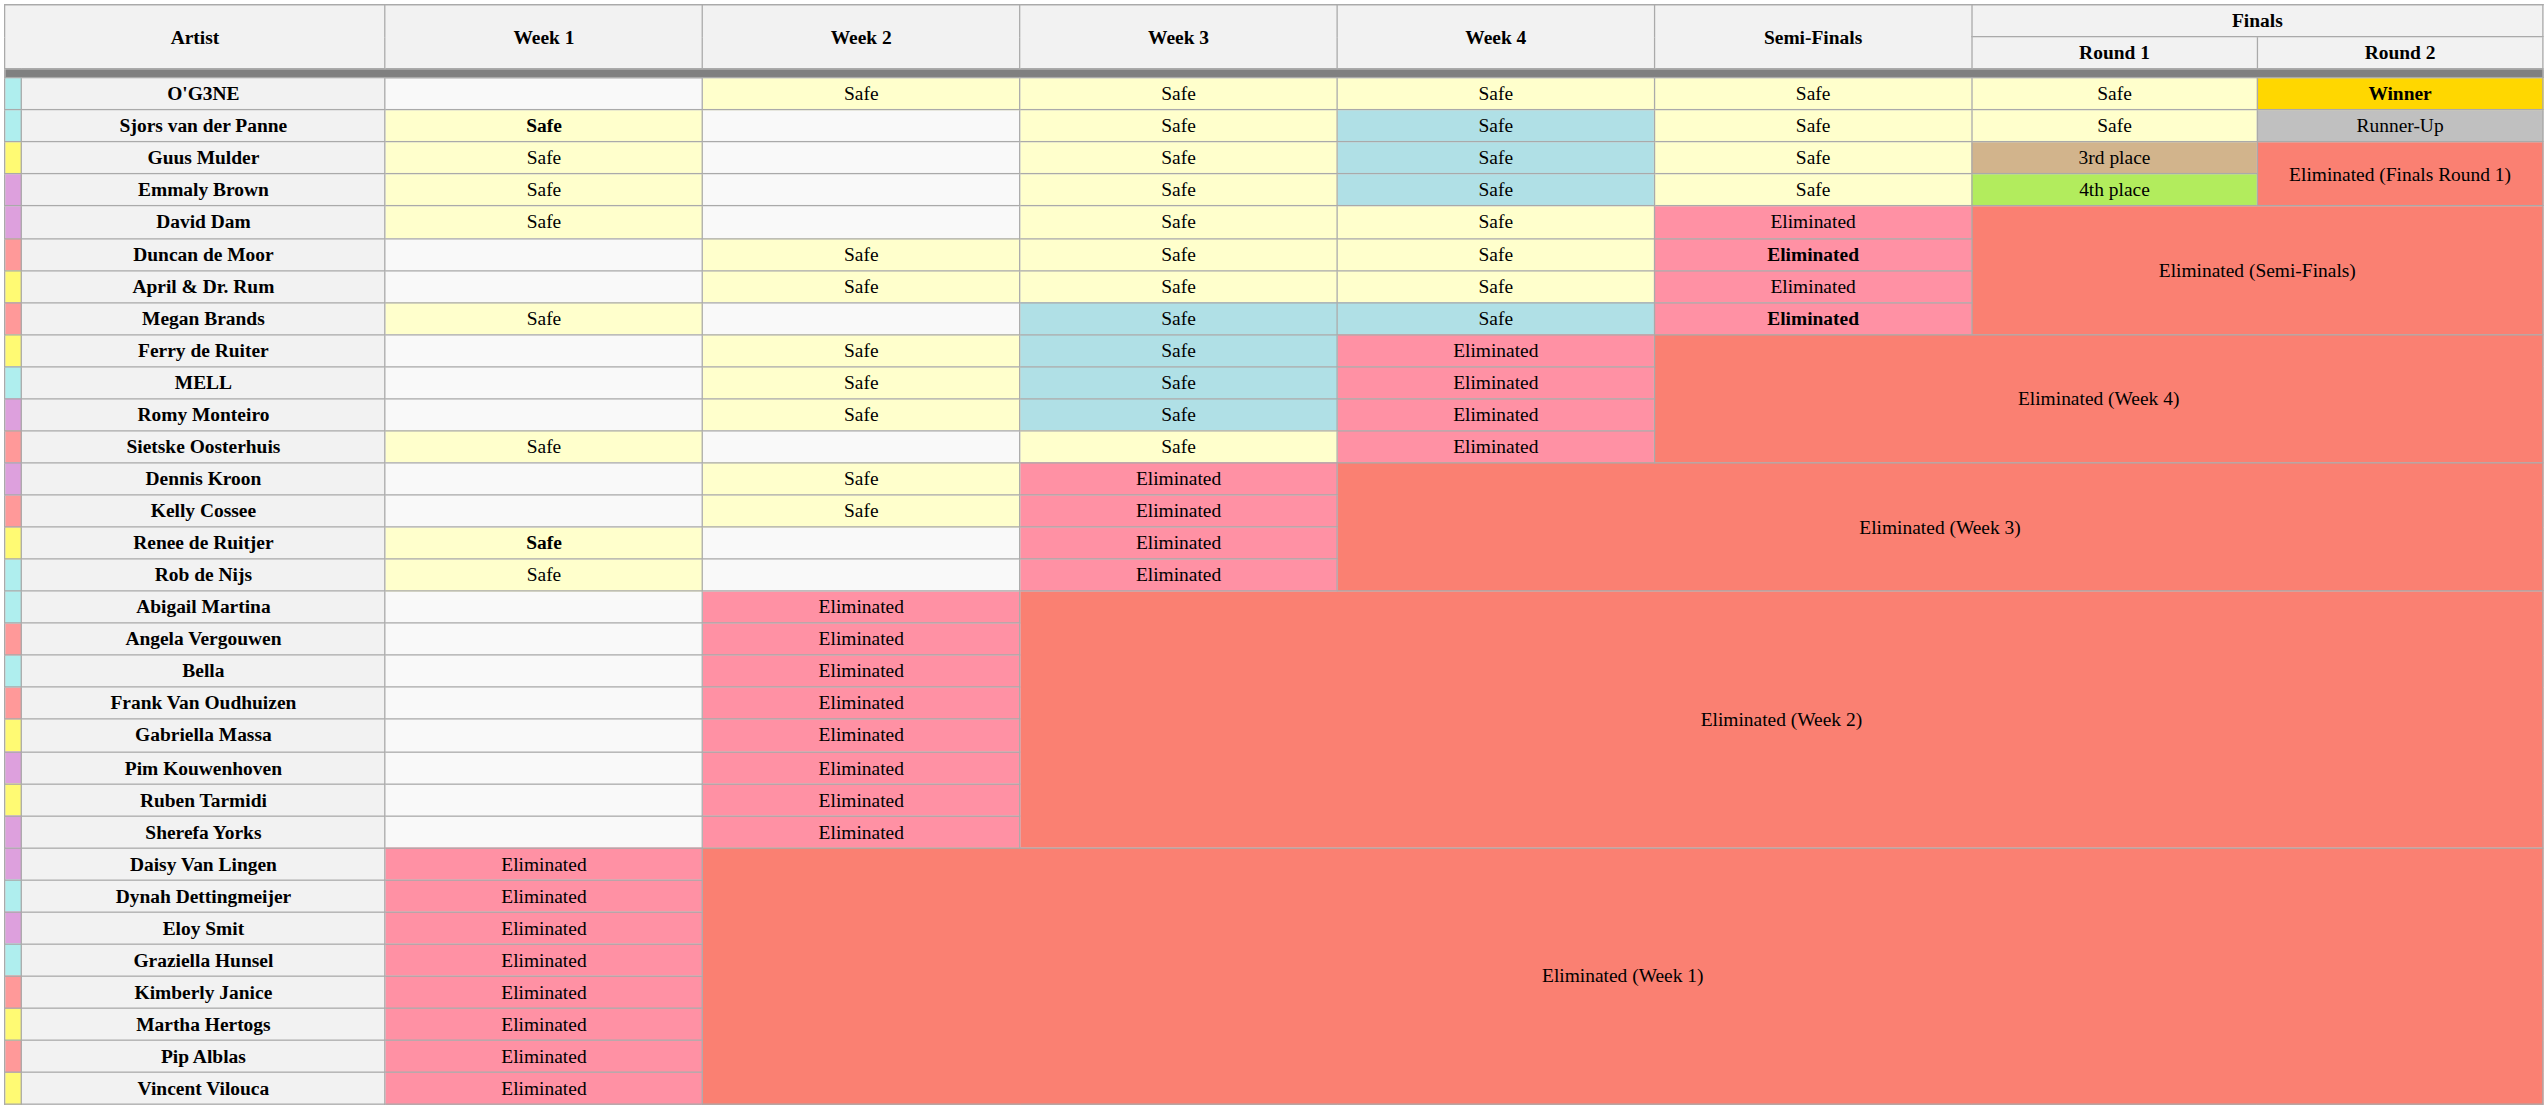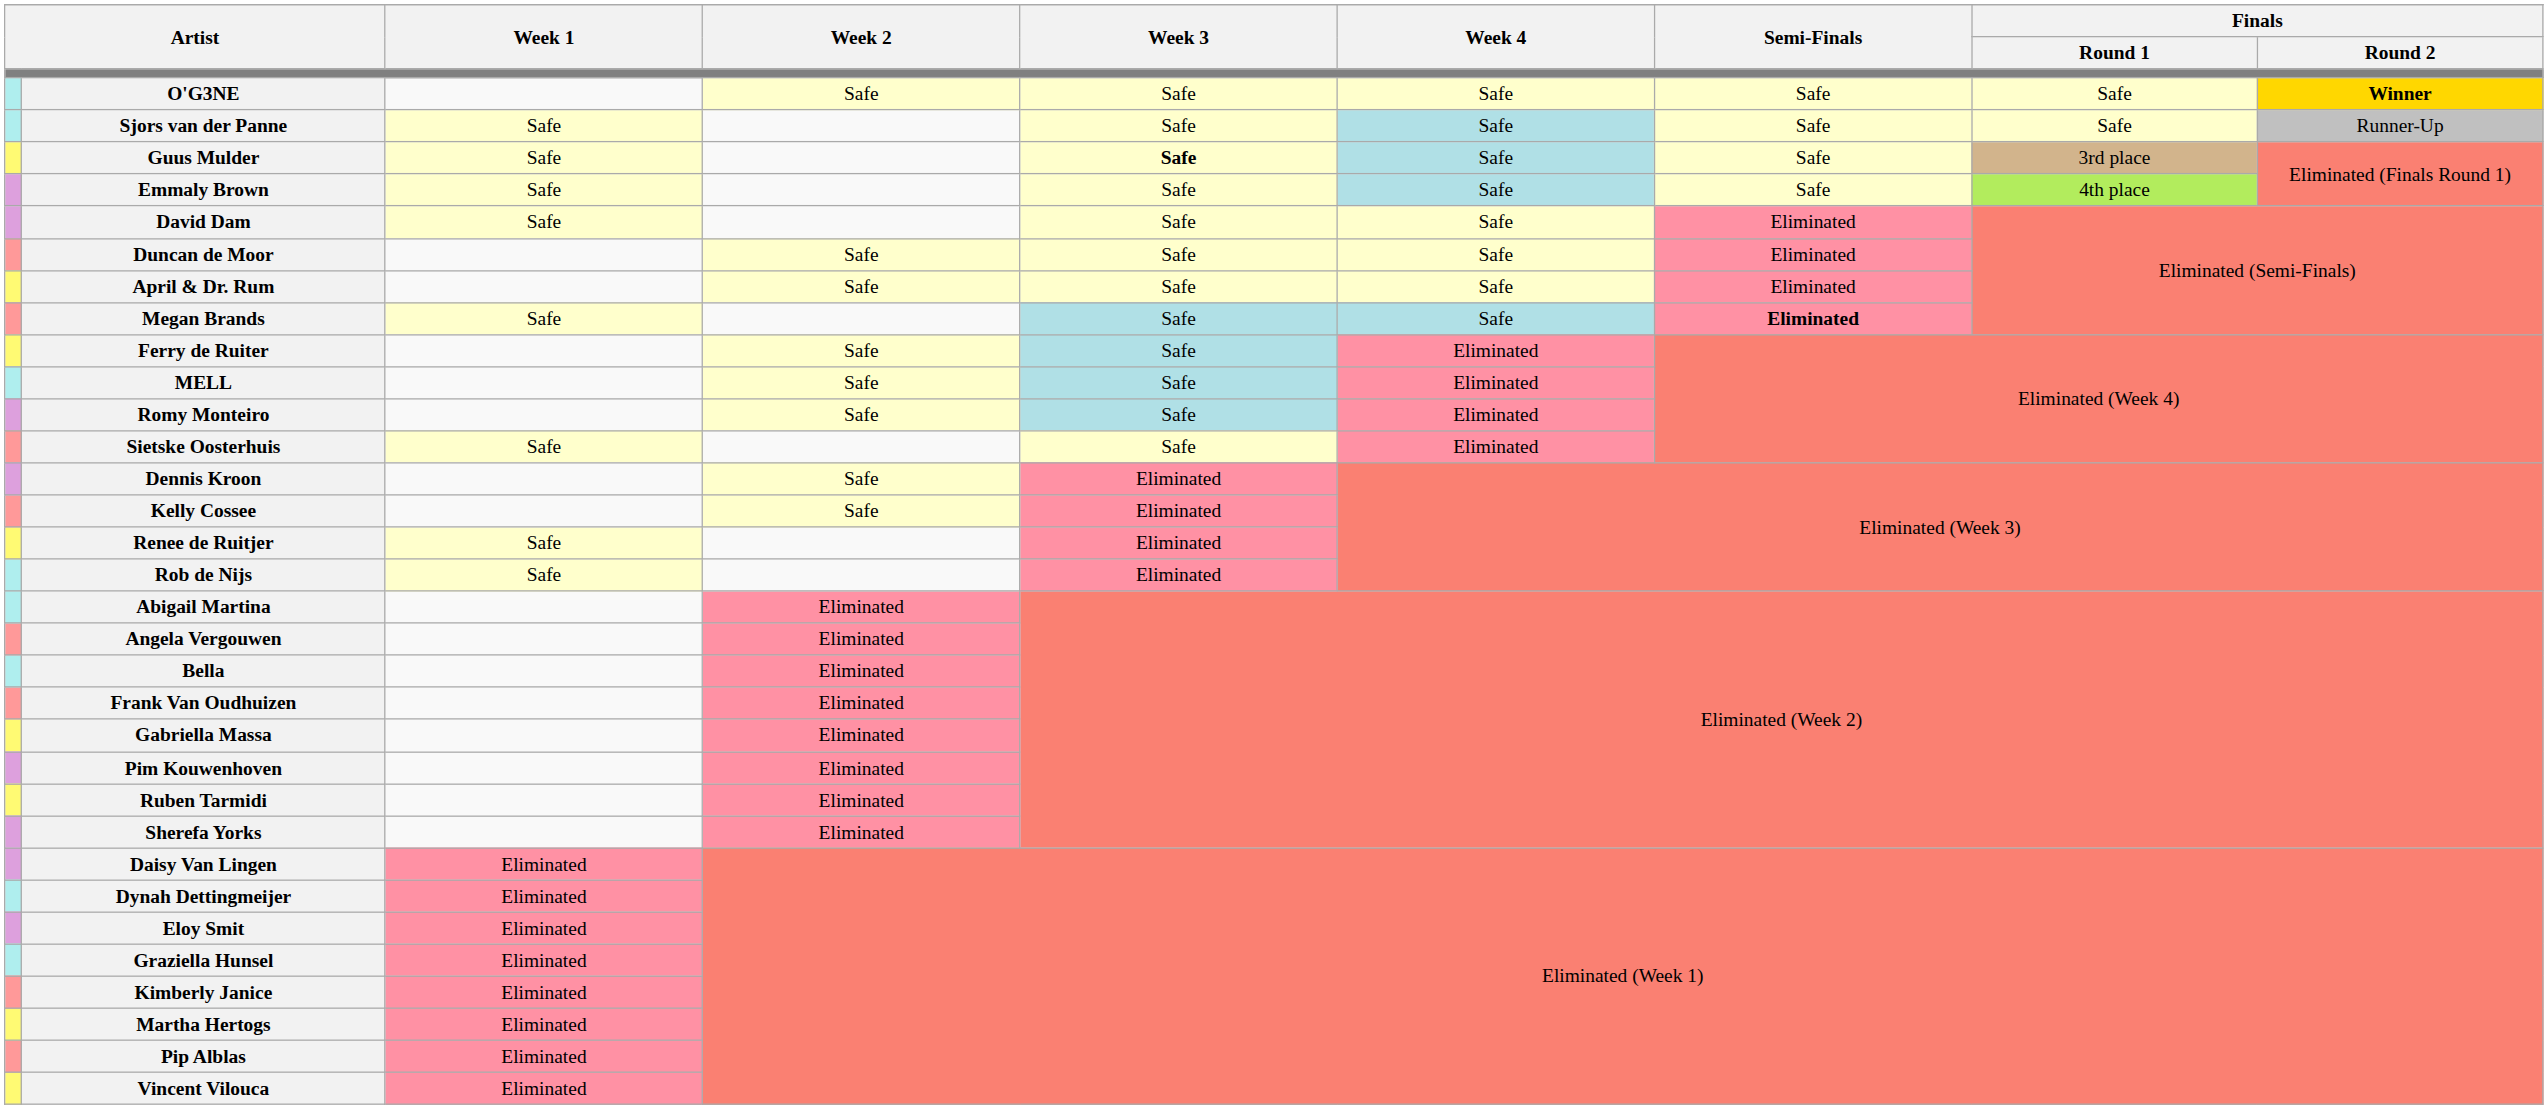 <table class="wikitable"  style="text-align:center; font-size:95%; width:100%;">
 <tr>
 </tr>
 <tr>
 <th style="width:12%;" rowspan="2" colspan="2">Artist</th>
 <th style="width:10%;" rowspan="2">Week 1</th>
 <th style="width:10%;" rowspan="2">Week 2</th>
 <th style="width:10%;" rowspan="2">Week 3</th>
 <th style="width:10%;" rowspan="2">Week 4</th>
 <th style="width:10%;" rowspan="2">Semi-Finals</th>
 <th style="width:18%;" colspan="2">Finals</th>
 </tr>
 <tr>
 <th style="width:9%">Round 1</th>
 <th style="width:9%">Round 2</th>
 </tr>
 <tr>
 <th colspan="9" style="background:gray;"></th>
 </tr>
 <tr>
 <th style="background:#afeeee;"></th>
 <th>O'G3NE</th>
 <td></td>
 <td style="background:#ffc;">Safe</td>
 <td style="background:#ffc;">Safe</td>
 <td style="background:#ffc;">Safe</td>
 <td style="background:#ffc;">Safe</td>
 <td style="background:#ffc;">Safe</td>
 <td style="background:gold;"><strong>Winner</strong></td>
 </tr>
 <tr>
 <th style="background:#afeeee;"></th>
 <th>Sjors van der Panne</th>
-<td style="background:#ffc;"><strong>Safe</strong></td>
+<td style="background:#ffc;">Safe</td>
 <td></td>
 <td style="background:#ffc;">Safe</td>
 <td style="background:#B0E0E6;">Safe</td>
 <td style="background:#ffc;">Safe</td>
 <td style="background:#ffc;">Safe</td>
 <td style="background:silver;">Runner-Up</td>
 </tr>
 <tr>
 <th style="background:#fffa73;"></th>
 <th>Guus Mulder</th>
 <td style="background:#ffc;">Safe</td>
 <td></td>
-<td style="background:#ffc;">Safe</td>
+<td style="background:#ffc;"><strong>Safe</strong></td>
 <td style="background:#B0E0E6;">Safe</td>
 <td style="background:#ffc;">Safe</td>
 <td style="background:tan;">3rd place</td>
 <td rowspan="2" colspan="6" style="background:salmon;">Eliminated (Finals Round 1)</td>
 </tr>
 <tr>
 <th style="background:#dda0dd;"></th>
 <th>Emmaly Brown</th>
 <td style="background:#ffc;">Safe</td>
 <td></td>
 <td style="background:#ffc;">Safe</td>
 <td style="background:#B0E0E6;">Safe</td>
 <td style="background:#ffc;">Safe</td>
 <td style="background:#b2ec5d;">4th place</td>
 </tr>
 <tr>
 <th style="background:#dda0dd;"></th>
 <th>David Dam</th>
 <td style="background:#ffc;">Safe</td>
 <td></td>
 <td style="background:#ffc;">Safe</td>
 <td style="background:#ffc;">Safe</td>
 <td style="background:#FF91A4;">Eliminated</td>
 <td rowspan="4" colspan="6" style="background:salmon;">Eliminated (Semi-Finals)</td>
 </tr>
 <tr>
 <th style="background:#ff9999;"></th>
 <th>Duncan de Moor</th>
 <td></td>
 <td style="background:#ffc;">Safe</td>
 <td style="background:#ffc;">Safe</td>
 <td style="background:#ffc;">Safe</td>
-<td style="background:#FF91A4;"><strong>Eliminated</strong></td>
+<td style="background:#FF91A4;">Eliminated</td>
 </tr>
 <tr>
 <th style="background:#fffa73;"></th>
 <th>April & Dr. Rum</th>
 <td></td>
 <td style="background:#ffc;">Safe</td>
 <td style="background:#ffc;">Safe</td>
 <td style="background:#ffc;">Safe</td>
 <td style="background:#FF91A4;">Eliminated</td>
 </tr>
 <tr>
 <th style="background:#ff9999;"></th>
 <th>Megan Brands</th>
 <td style="background:#ffc;">Safe</td>
 <td></td>
 <td style="background:#B0E0E6;">Safe</td>
 <td style="background:#B0E0E6;">Safe</td>
 <td style="background:#FF91A4;"><strong>Eliminated</strong></td>
 </tr>
 <tr>
 <th style="background:#fffa73;"></th>
 <th>Ferry de Ruiter</th>
 <td></td>
 <td style="background:#ffc;">Safe</td>
 <td style="background:#B0E0E6;">Safe</td>
 <td style="background:#FF91A4;">Eliminated</td>
 <td rowspan="4" colspan="6" style="background:salmon;">Eliminated (Week 4)</td>
 </tr>
 <tr>
 <th style="background:#afeeee;"></th>
 <th>MELL</th>
 <td></td>
 <td style="background:#ffc;">Safe</td>
 <td style="background:#B0E0E6;">Safe</td>
 <td style="background:#FF91A4;">Eliminated</td>
 </tr>
 <tr>
 <th style="background:#dda0dd;"></th>
 <th>Romy Monteiro</th>
 <td></td>
 <td style="background:#ffc;">Safe</td>
 <td style="background:#B0E0E6;">Safe</td>
 <td style="background:#FF91A4;">Eliminated</td>
 </tr>
 <tr>
 <th style="background:#ff9999;"></th>
 <th>Sietske Oosterhuis</th>
 <td style="background:#ffc;">Safe</td>
 <td></td>
 <td style="background:#ffc;">Safe</td>
 <td style="background:#FF91A4;">Eliminated</td>
 </tr>
 <tr>
 <th style="background:#dda0dd;"></th>
 <th>Dennis Kroon</th>
 <td></td>
 <td style="background:#ffc;">Safe</td>
 <td style="background:#FF91A4;">Eliminated</td>
 <td rowspan="4" colspan="6" style="background:salmon;">Eliminated (Week 3)</td>
 </tr>
 <tr>
 <th style="background:#ff9999;"></th>
 <th>Kelly Cossee</th>
 <td></td>
 <td style="background:#ffc;">Safe</td>
 <td style="background:#FF91A4;">Eliminated</td>
 </tr>
 <tr>
 <th style="background:#fffa73;"></th>
 <th>Renee de Ruitjer</th>
-<td style="background:#ffc;"><strong>Safe</strong></td>
+<td style="background:#ffc;">Safe</td>
 <td></td>
 <td style="background:#FF91A4;">Eliminated</td>
 </tr>
 <tr>
 <th style="background:#afeeee;"></th>
 <th>Rob de Nijs</th>
 <td style="background:#ffc;">Safe</td>
 <td></td>
 <td style="background:#FF91A4;">Eliminated</td>
 </tr>
 <tr>
 <th style="background:#afeeee;"></th>
 <th>Abigail Martina</th>
 <td></td>
 <td style="background:#FF91A4;">Eliminated</td>
 <td rowspan="8" colspan="6" style="background:salmon;">Eliminated (Week 2)</td>
 </tr>
 <tr>
 <th style="background:#ff9999;"></th>
 <th>Angela Vergouwen</th>
 <td></td>
 <td style="background:#FF91A4;">Eliminated</td>
 </tr>
 <tr>
 <th style="background:#afeeee;"></th>
 <th>Bella</th>
 <td></td>
 <td style="background:#FF91A4;">Eliminated</td>
 </tr>
 <tr>
 <th style="background:#ff9999;"></th>
 <th>Frank Van Oudhuizen</th>
 <td></td>
 <td style="background:#FF91A4;">Eliminated</td>
 </tr>
 <tr>
 <th style="background:#fffa73;"></th>
 <th>Gabriella Massa</th>
 <td></td>
 <td style="background:#FF91A4;">Eliminated</td>
 </tr>
 <tr>
 <th style="background:#dda0dd;"></th>
 <th>Pim Kouwenhoven</th>
 <td></td>
 <td style="background:#FF91A4;">Eliminated</td>
 </tr>
 <tr>
 <th style="background:#fffa73;"></th>
 <th>Ruben Tarmidi</th>
 <td></td>
 <td style="background:#FF91A4;">Eliminated</td>
 </tr>
 <tr>
 <th style="background:#dda0dd;"></th>
 <th>Sherefa Yorks</th>
 <td></td>
 <td style="background:#FF91A4;">Eliminated</td>
 </tr>
 <tr>
 <th style="background:#dda0dd;"></th>
 <th>Daisy Van Lingen</th>
 <td style="background:#FF91A4;">Eliminated</td>
 <td rowspan="8" colspan="6" style="background:salmon;">Eliminated (Week 1)</td>
 </tr>
 <tr>
 <th style="background:#afeeee;"></th>
 <th>Dynah Dettingmeijer</th>
 <td style="background:#FF91A4;">Eliminated</td>
 </tr>
 <tr>
 <th style="background:#dda0dd;"></th>
 <th>Eloy Smit</th>
 <td style="background:#FF91A4;">Eliminated</td>
 </tr>
 <tr>
 <th style="background:#afeeee;"></th>
 <th>Graziella Hunsel</th>
 <td style="background:#FF91A4;">Eliminated</td>
 </tr>
 <tr>
 <th style="background:#ff9999;"></th>
 <th>Kimberly Janice</th>
 <td style="background:#FF91A4;">Eliminated</td>
 </tr>
 <tr>
 <th style="background:#fffa73;"></th>
 <th>Martha Hertogs</th>
 <td style="background:#FF91A4;">Eliminated</td>
 </tr>
 <tr>
 <th style="background:#ff9999;"></th>
 <th>Pip Alblas</th>
 <td style="background:#FF91A4;">Eliminated</td>
 </tr>
 <tr>
 <th style="background:#fffa73;"></th>
 <th>Vincent Vilouca</th>
 <td style="background:#FF91A4;">Eliminated</td>
 </tr>
 </table>
